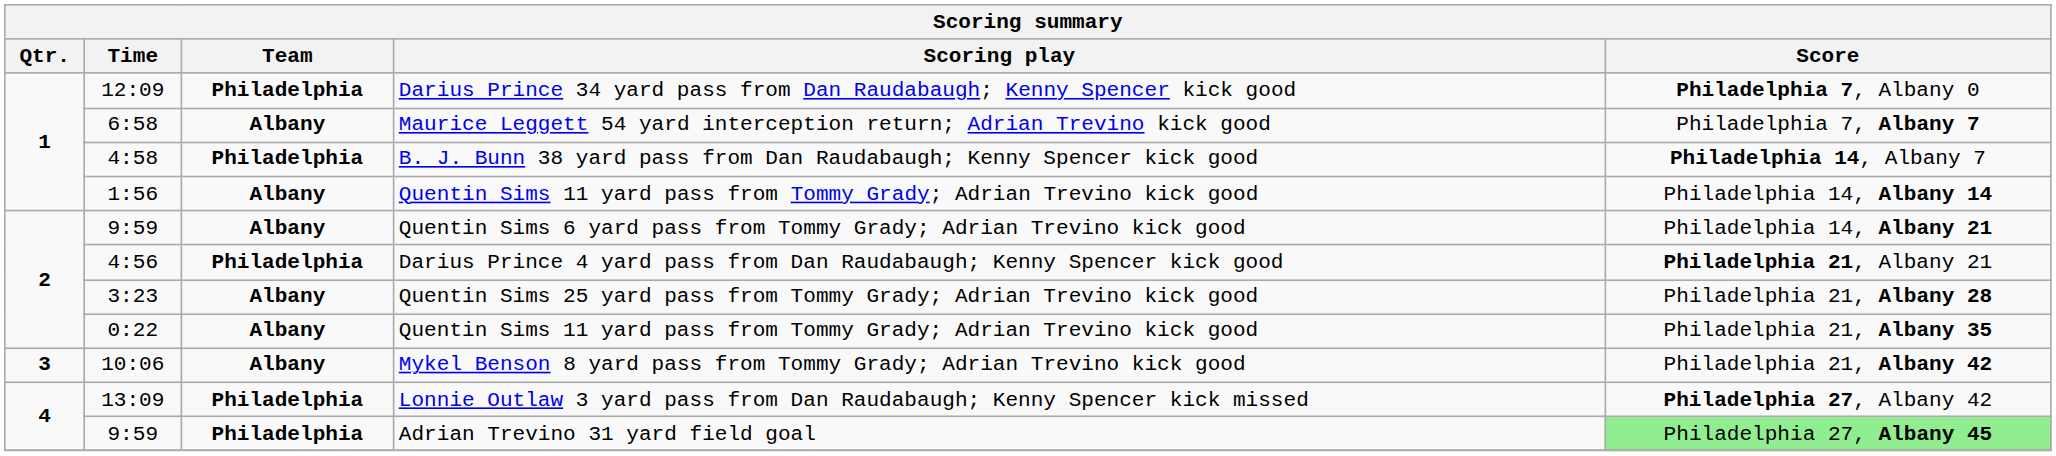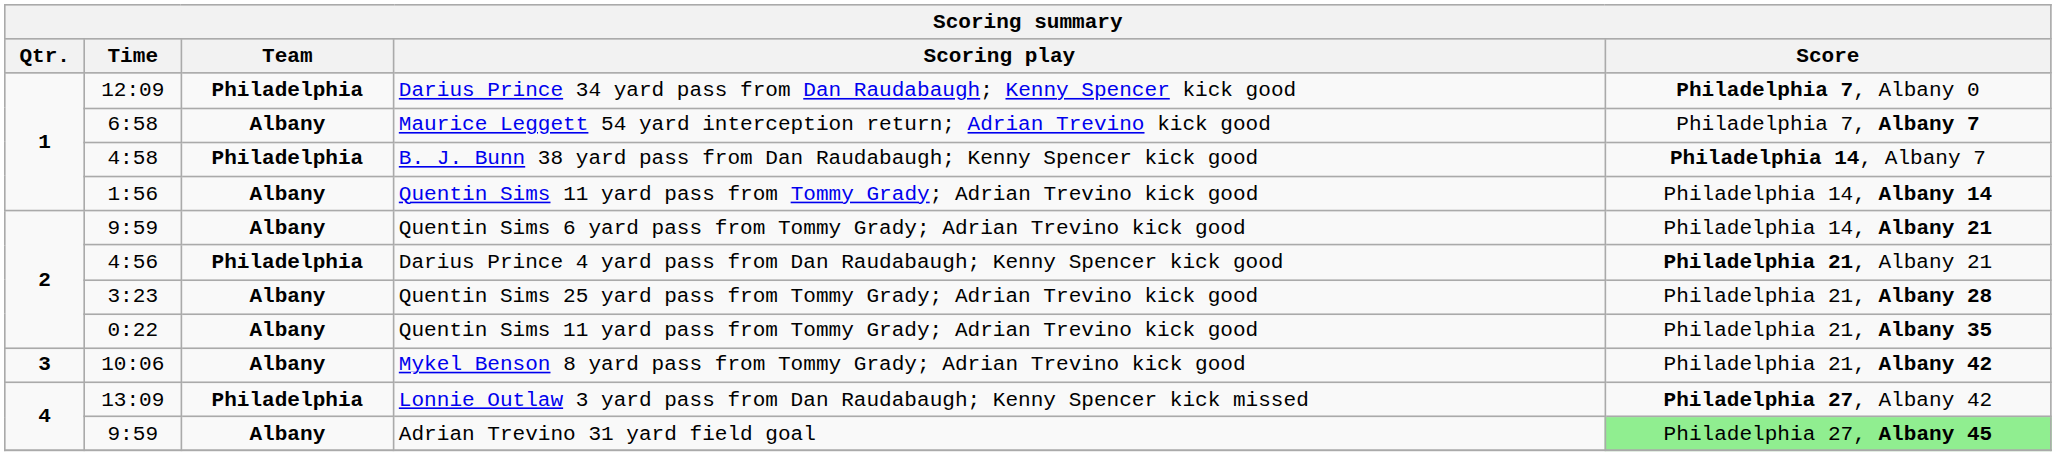 <table class="wikitable collapsible" style="width:100%; text-align:center">
 <tr>
 <th colspan=5>Scoring summary</th>
 </tr>
 <tr>
 <th>Qtr.</th>
 <th>Time</th>
 <th>Team</th>
 <th>Scoring play</th>
 <th>Score</th>
 </tr>
 <tr>
 <td rowspan=4><strong>1</strong></td>
 <td>12:09</td>
 <td><strong>Philadelphia</strong></td>
 <td style="text-align:left"><a href='#'>Darius Prince</a> 34 yard pass from <a href='#'>Dan Raudabaugh</a>; <a href='#'>Kenny Spencer</a> kick good</td>
 <td><strong>Philadelphia 7</strong>, Albany 0</td>
 </tr>
 <tr>
 <td>6:58</td>
 <td><strong>Albany</strong></td>
 <td style="text-align:left"><a href='#'>Maurice Leggett</a> 54 yard interception return; <a href='#'>Adrian Trevino</a> kick good</td>
 <td>Philadelphia 7, <strong>Albany 7</strong></td>
 </tr>
 <tr>
 <td>4:58</td>
 <td><strong>Philadelphia</strong></td>
 <td style="text-align:left"><a href='#'>B. J. Bunn</a> 38 yard pass from Dan Raudabaugh; Kenny Spencer kick good</td>
 <td><strong>Philadelphia 14</strong>, Albany 7</td>
 </tr>
 <tr>
 <td>1:56</td>
 <td><strong>Albany</strong></td>
 <td style="text-align:left"><a href='#'>Quentin Sims</a> 11 yard pass from <a href='#'>Tommy Grady</a>; Adrian Trevino kick good</td>
 <td>Philadelphia 14, <strong>Albany 14</strong></td>
 </tr>
 <tr>
 <td rowspan=4><strong>2</strong></td>
 <td>9:59</td>
 <td><strong>Albany</strong></td>
 <td style="text-align:left">Quentin Sims 6 yard pass from Tommy Grady; Adrian Trevino kick good</td>
 <td>Philadelphia 14, <strong>Albany 21</strong></td>
 </tr>
 <tr>
 <td>4:56</td>
 <td><strong>Philadelphia</strong></td>
 <td style="text-align:left">Darius Prince 4 yard pass from Dan Raudabaugh; Kenny Spencer kick good</td>
 <td><strong>Philadelphia 21</strong>, Albany 21</td>
 </tr>
 <tr>
 <td>3:23</td>
 <td><strong>Albany</strong></td>
 <td style="text-align:left">Quentin Sims 25 yard pass from Tommy Grady; Adrian Trevino kick good</td>
 <td>Philadelphia 21, <strong>Albany 28</strong></td>
 </tr>
 <tr>
 <td>0:22</td>
 <td><strong>Albany</strong></td>
 <td style="text-align:left">Quentin Sims 11 yard pass from Tommy Grady; Adrian Trevino kick good</td>
 <td>Philadelphia 21, <strong>Albany 35</strong></td>
 </tr>
 <tr>
 <td><strong>3</strong></td>
 <td>10:06</td>
 <td><strong>Albany</strong></td>
 <td style="text-align:left"><a href='#'>Mykel Benson</a> 8 yard pass from Tommy Grady; Adrian Trevino kick good</td>
 <td>Philadelphia 21, <strong>Albany 42</strong></td>
 </tr>
 <tr>
 <td rowspan=2><strong>4</strong></td>
 <td>13:09</td>
 <td><strong>Philadelphia</strong></td>
 <td style="text-align:left"><a href='#'>Lonnie Outlaw</a> 3 yard pass from Dan Raudabaugh; Kenny Spencer kick missed</td>
 <td><strong>Philadelphia 27</strong>, Albany 42</td>
 </tr>
 <tr>
 <td>9:59</td>
-<td><strong>Philadelphia</strong></td>
+<td><strong>Albany</strong></td>
 <td style="text-align:left">Adrian Trevino 31 yard field goal</td>
 <td style="background: lightgreen;">Philadelphia 27, <strong>Albany 45</strong></td>
 </tr>
 <tr>
 </tr>
 </table>
